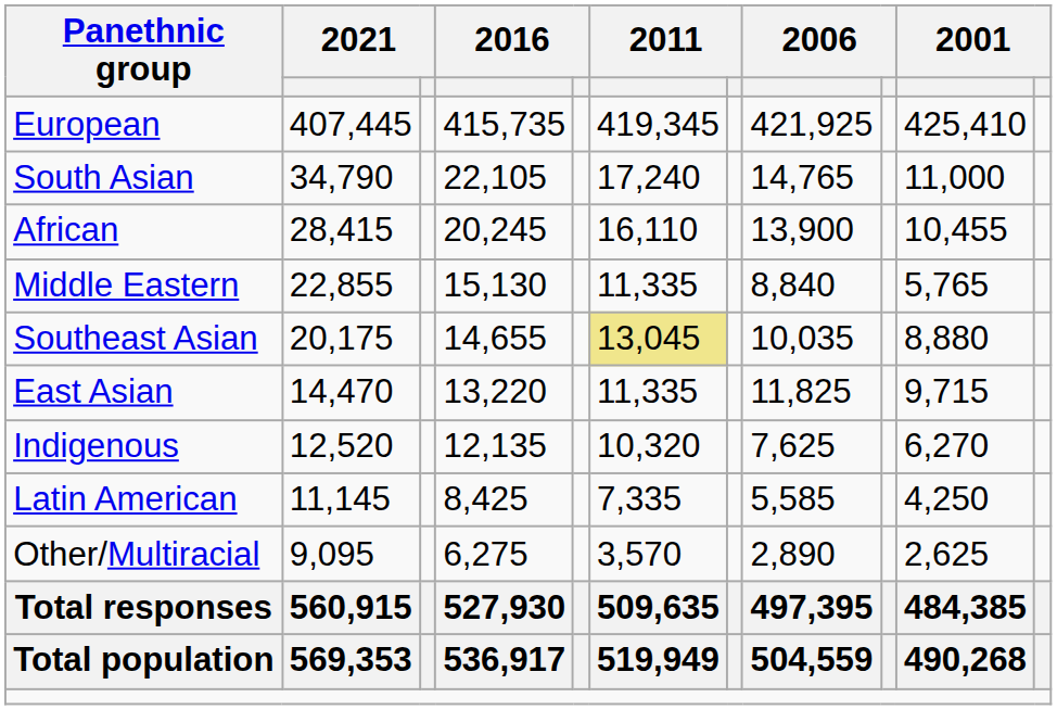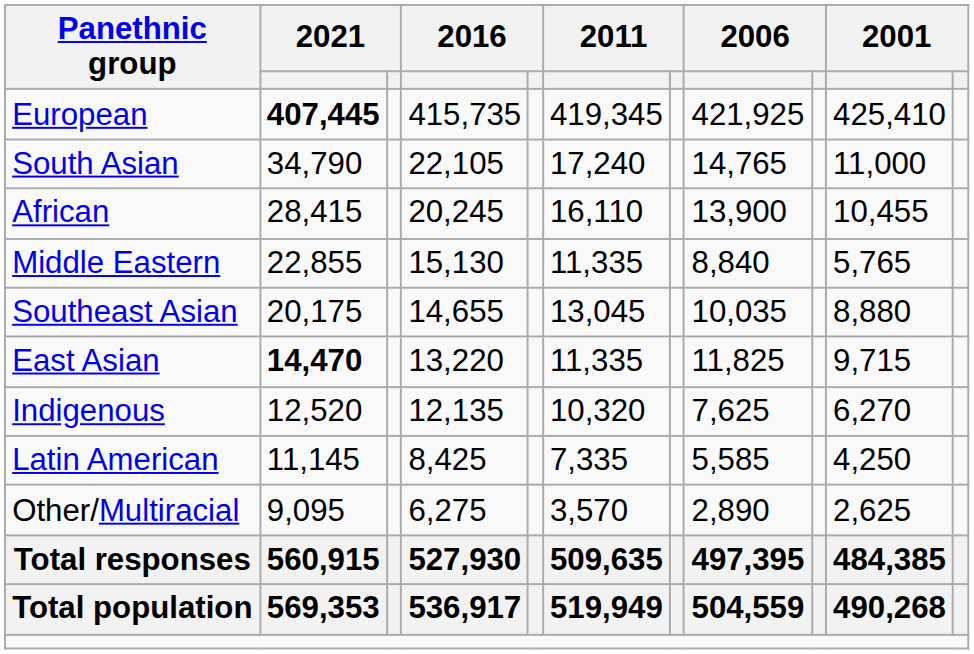 <table class="wikitable collapsible sortable">
 <tr>
 <th rowspan="2"><a href='#'>Panethnic</a><br>group</th>
 <th colspan="2">2021</th>
 <th colspan="2">2016</th>
 <th colspan="2">2011</th>
 <th colspan="2">2006</th>
 <th colspan="2">2001</th>
 </tr>
 <tr>
 <th><a href='#'></a></th>
 <th></th>
 <th></th>
 <th></th>
 <th></th>
 <th></th>
 <th></th>
 <th></th>
 <th></th>
 <th></th>
 </tr>
 <tr>
 <td><a href='#'>European</a></td>
-<td>407,445</td>
+<td><strong>407,445</strong></td>
 <td></td>
 <td>415,735</td>
 <td></td>
 <td>419,345</td>
 <td></td>
 <td>421,925</td>
 <td></td>
 <td>425,410</td>
 <td></td>
 </tr>
 <tr>
 <td><a href='#'>South Asian</a></td>
 <td>34,790</td>
 <td></td>
 <td>22,105</td>
 <td></td>
 <td>17,240</td>
 <td></td>
 <td>14,765</td>
 <td></td>
 <td>11,000</td>
 <td></td>
 </tr>
 <tr>
 <td><a href='#'>African</a></td>
 <td>28,415</td>
 <td></td>
 <td>20,245</td>
 <td></td>
 <td>16,110</td>
 <td></td>
 <td>13,900</td>
 <td></td>
 <td>10,455</td>
 <td></td>
 </tr>
 <tr>
 <td><a href='#'>Middle Eastern</a></td>
 <td>22,855</td>
 <td></td>
 <td>15,130</td>
 <td></td>
 <td>11,335</td>
 <td></td>
 <td>8,840</td>
 <td></td>
 <td>5,765</td>
 <td></td>
 </tr>
 <tr>
 <td><a href='#'>Southeast Asian</a></td>
 <td>20,175</td>
 <td></td>
 <td>14,655</td>
 <td></td>
-<td style="background: khaki;">13,045</td>
+<td>13,045</td>
 <td></td>
 <td>10,035</td>
 <td></td>
 <td>8,880</td>
 <td></td>
 </tr>
 <tr>
 <td><a href='#'>East Asian</a></td>
-<td>14,470</td>
+<td><strong>14,470</strong></td>
 <td></td>
 <td>13,220</td>
 <td></td>
 <td>11,335</td>
 <td></td>
 <td>11,825</td>
 <td></td>
 <td>9,715</td>
 <td></td>
 </tr>
 <tr>
 <td><a href='#'>Indigenous</a></td>
 <td>12,520</td>
 <td></td>
 <td>12,135</td>
 <td></td>
 <td>10,320</td>
 <td></td>
 <td>7,625</td>
 <td></td>
 <td>6,270</td>
 <td></td>
 </tr>
 <tr>
 <td><a href='#'>Latin American</a></td>
 <td>11,145</td>
 <td></td>
 <td>8,425</td>
 <td></td>
 <td>7,335</td>
 <td></td>
 <td>5,585</td>
 <td></td>
 <td>4,250</td>
 <td></td>
 </tr>
 <tr>
 <td>Other/<a href='#'>Multiracial</a></td>
 <td>9,095</td>
 <td></td>
 <td>6,275</td>
 <td></td>
 <td>3,570</td>
 <td></td>
 <td>2,890</td>
 <td></td>
 <td>2,625</td>
 <td></td>
 </tr>
 <tr>
 <th>Total responses</th>
 <th>560,915</th>
 <th></th>
 <th>527,930</th>
 <th></th>
 <th>509,635</th>
 <th></th>
 <th>497,395</th>
 <th></th>
 <th>484,385</th>
 <th></th>
 </tr>
 <tr>
 <th>Total population</th>
 <th>569,353</th>
 <th></th>
 <th>536,917</th>
 <th></th>
 <th>519,949</th>
 <th></th>
 <th>504,559</th>
 <th></th>
 <th>490,268</th>
 <th></th>
 </tr>
 <tr class="sortbottom">
 <td colspan="15"></td>
 </tr>
 </table>
